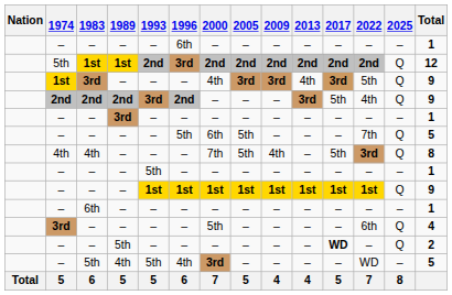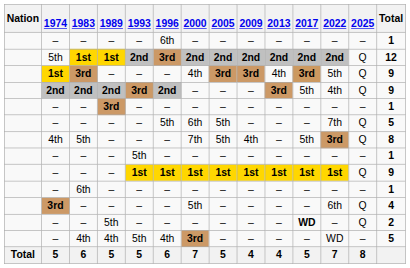 <table class="wikitable" style="text-align:center">
 <tr>
 <th>Nation</th>
 <th><br><a href='#'>1974</a></th>
 <th><br><a href='#'>1983</a></th>
 <th><br><a href='#'>1989</a></th>
 <th><br><a href='#'>1993</a></th>
 <th><br><a href='#'>1996</a></th>
 <th><br><a href='#'>2000</a></th>
 <th><br><a href='#'>2005</a></th>
 <th><br><a href='#'>2009</a></th>
 <th><br><a href='#'>2013</a></th>
 <th><br><a href='#'>2017</a></th>
 <th><br><a href='#'>2022</a></th>
 <th><br><a href='#'>2025</a></th>
 <th>Total</th>
 </tr>
 <tr>
 <td align=left></td>
 <td>–</td>
 <td>–</td>
 <td>–</td>
 <td>–</td>
 <td>6th</td>
 <td>–</td>
 <td>–</td>
 <td>–</td>
 <td>–</td>
 <td>–</td>
 <td>–</td>
 <td>–</td>
 <td><strong>1</strong></td>
 </tr>
 <tr>
 <td align=left></td>
 <td>5th</td>
 <td bgcolor=gold><strong>1st</strong></td>
 <td bgcolor=gold><strong>1st</strong></td>
 <td bgcolor=silver><strong>2nd</strong></td>
 <td bgcolor=cc9966><strong>3rd</strong></td>
 <td bgcolor=silver><strong>2nd</strong></td>
 <td bgcolor=silver><strong>2nd</strong></td>
 <td bgcolor=silver><strong>2nd</strong></td>
 <td bgcolor=silver><strong>2nd</strong></td>
 <td bgcolor=silver><strong>2nd</strong></td>
 <td bgcolor=silver><strong>2nd</strong></td>
 <td>Q</td>
 <td><strong>12</strong></td>
 </tr>
 <tr>
 <td align=left></td>
 <td bgcolor=gold><strong>1st</strong></td>
 <td bgcolor=cc9966><strong>3rd</strong></td>
 <td>–</td>
 <td>–</td>
 <td>–</td>
 <td>4th</td>
 <td bgcolor=cc9966><strong>3rd</strong></td>
 <td bgcolor=cc9966><strong>3rd</strong></td>
 <td>4th</td>
 <td bgcolor=cc996><strong>3rd</strong></td>
 <td>5th</td>
 <td>Q</td>
 <td><strong>9</strong></td>
 </tr>
 <tr>
 <td align=left></td>
 <td bgcolor=silver><strong>2nd</strong></td>
 <td bgcolor=silver><strong>2nd</strong></td>
 <td bgcolor=silver><strong>2nd</strong></td>
 <td bgcolor=cc9966><strong>3rd</strong></td>
 <td bgcolor=silver><strong>2nd</strong></td>
 <td>–</td>
 <td>–</td>
 <td>–</td>
 <td bgcolor=cc9966><strong>3rd</strong></td>
 <td>5th</td>
 <td>4th</td>
 <td>Q</td>
 <td><strong>9</strong></td>
 </tr>
 <tr>
 <td align=left></td>
 <td>–</td>
 <td>–</td>
 <td bgcolor=cc9966><strong>3rd</strong></td>
 <td>–</td>
 <td>–</td>
 <td>–</td>
 <td>–</td>
 <td>–</td>
 <td>–</td>
 <td>–</td>
 <td>–</td>
 <td>–</td>
 <td><strong>1</strong></td>
 </tr>
 <tr>
 <td align=left></td>
 <td>–</td>
 <td>–</td>
 <td>–</td>
 <td>–</td>
 <td>5th</td>
 <td>6th</td>
 <td>5th</td>
 <td>–</td>
 <td>–</td>
 <td>–</td>
 <td>7th</td>
 <td>Q</td>
 <td><strong>5</strong></td>
 </tr>
 <tr>
 <td align=left></td>
 <td>4th</td>
-<td>4th</td>
+<td>5th</td>
 <td>–</td>
 <td>–</td>
 <td>–</td>
 <td>7th</td>
 <td>5th</td>
 <td>4th</td>
 <td>–</td>
 <td>5th</td>
 <td bgcolor=cc9966><strong>3rd</strong></td>
 <td>Q</td>
 <td><strong>8</strong></td>
 </tr>
 <tr>
 <td align=left></td>
 <td>–</td>
 <td>–</td>
 <td>–</td>
 <td>5th</td>
 <td>–</td>
 <td>–</td>
 <td>–</td>
 <td>–</td>
 <td>–</td>
 <td>–</td>
 <td>–</td>
 <td>–</td>
 <td><strong>1</strong></td>
 </tr>
 <tr>
 <td align=left></td>
 <td>–</td>
 <td>–</td>
 <td>–</td>
 <td bgcolor=gold><strong>1st</strong></td>
 <td bgcolor=gold><strong>1st</strong></td>
 <td bgcolor=gold><strong>1st</strong></td>
 <td bgcolor=gold><strong>1st</strong></td>
 <td bgcolor=gold><strong>1st</strong></td>
 <td bgcolor=gold><strong>1st</strong></td>
 <td bgcolor=gold><strong>1st</strong></td>
 <td bgcolor=gold><strong>1st</strong></td>
 <td>Q</td>
 <td><strong>9</strong></td>
 </tr>
 <tr>
 <td align=left></td>
 <td>–</td>
 <td>6th</td>
 <td>–</td>
 <td>–</td>
 <td>–</td>
 <td>–</td>
 <td>–</td>
 <td>–</td>
 <td>–</td>
 <td>–</td>
 <td>–</td>
 <td>–</td>
 <td><strong>1</strong></td>
 </tr>
 <tr>
 <td align=left></td>
 <td bgcolor=cc9966><strong>3rd</strong></td>
 <td>–</td>
 <td>–</td>
 <td>–</td>
 <td>–</td>
 <td>5th</td>
 <td>–</td>
 <td>–</td>
 <td>–</td>
 <td>–</td>
 <td>6th</td>
 <td>Q</td>
 <td><strong>4</strong></td>
 </tr>
 <tr>
 <td align=left></td>
 <td>–</td>
 <td>–</td>
 <td>5th</td>
 <td>–</td>
 <td>–</td>
 <td>–</td>
 <td>–</td>
 <td>–</td>
 <td>–</td>
 <td><strong>WD</strong></td>
 <td>–</td>
 <td>Q</td>
 <td><strong>2</strong></td>
 </tr>
 <tr>
 <td align=left></td>
 <td>–</td>
-<td>5th</td>
+<td>4th</td>
 <td>4th</td>
 <td>5th</td>
 <td>4th</td>
 <td bgcolor=cc9966><strong>3rd</strong></td>
 <td>–</td>
 <td>–</td>
 <td>–</td>
 <td>–</td>
 <td>WD</td>
 <td>–</td>
 <td><strong>5</strong></td>
 </tr>
 <tr>
 <th>Total</th>
 <th>5</th>
 <th>6</th>
 <th>5</th>
 <th>5</th>
 <th>6</th>
 <th>7</th>
 <th>5</th>
 <th>4</th>
 <th>4</th>
 <th>5</th>
 <th>7</th>
 <th>8</th>
 <th></th>
 </tr>
 </table>
